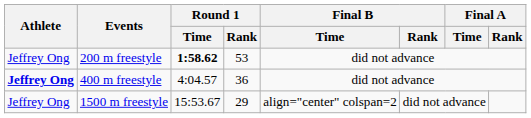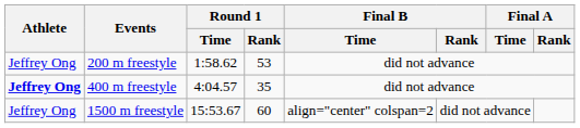 <table class=wikitable style="font-size:90%">
 <tr>
 <th rowspan="2">Athlete</th>
 <th rowspan="2">Events</th>
 <th colspan="2">Round 1</th>
 <th colspan="2">Final B</th>
 <th colspan="2">Final A</th>
 </tr>
 <tr>
 <th>Time</th>
 <th>Rank</th>
 <th>Time</th>
 <th>Rank</th>
 <th>Time</th>
 <th>Rank</th>
 </tr>
 <tr>
 <td><a href='#'>Jeffrey Ong</a></td>
 <td><a href='#'>200 m freestyle</a></td>
-<td align="center"><strong>1:58.62</strong></td>
+<td align="center">1:58.62</td>
 <td align="center">53</td>
 <td align="center" colspan=4>did not advance</td>
 </tr>
 <tr>
 <td><strong><a href='#'>Jeffrey Ong</a></strong></td>
 <td><a href='#'>400 m freestyle</a></td>
 <td align="center">4:04.57</td>
-<td align="center">36</td>
+<td align="center">35</td>
 <td align="center" colspan=4>did not advance</td>
 </tr>
 <tr>
 <td><a href='#'>Jeffrey Ong</a></td>
 <td><a href='#'>1500 m freestyle</a></td>
 <td align="center">15:53.67</td>
-<td align="center">29</td>
+<td align="center">60</td>
 <td>align="center" colspan=2 </td>
 <td align="center" colspan=2>did not advance</td>
 </tr>
 </table>
